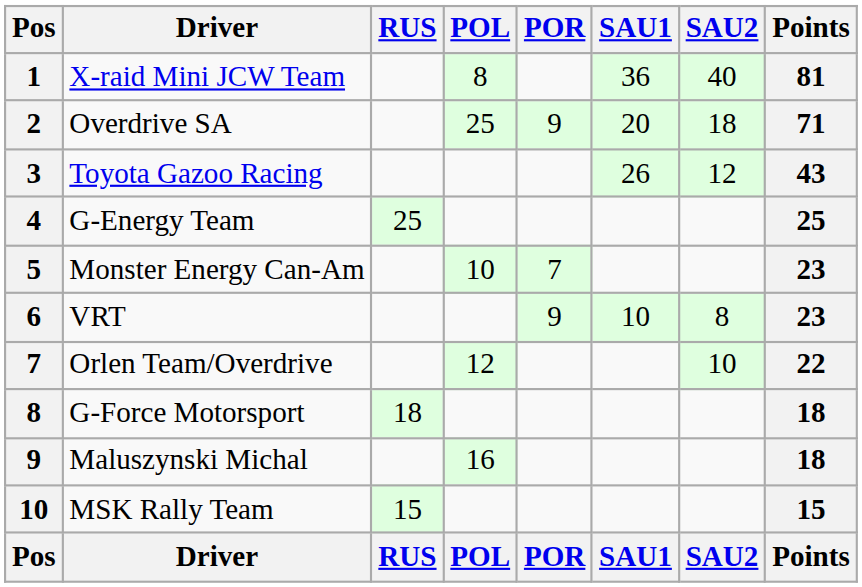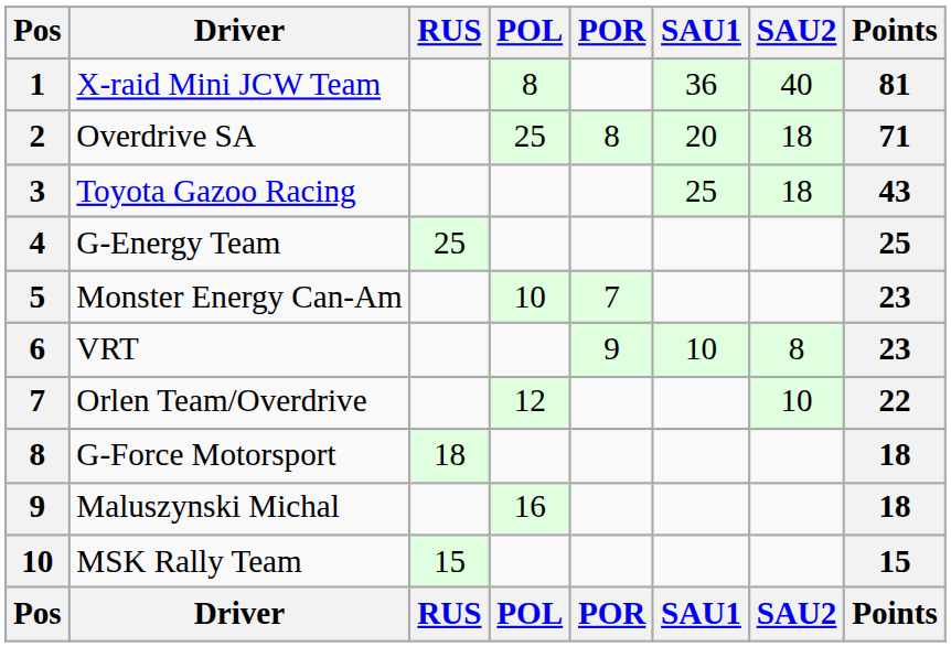 <table class="wikitable" style="font-size: 85%; text-align: center; display: inline-table;">
 <tr valign="top">
 <th valign="middle">Pos</th>
 <th valign="middle">Driver</th>
 <th><a href='#'>RUS</a><br></th>
 <th><a href='#'>POL</a><br></th>
 <th><a href='#'>POR</a><br></th>
 <th><a href='#'>SAU1</a><br></th>
 <th><a href='#'>SAU2</a><br></th>
 <th valign="middle">Points</th>
 </tr>
 <tr>
 <th>1</th>
 <td align=left> <a href='#'>X-raid Mini JCW Team</a></td>
 <td></td>
 <td style="background:#dfffdf;">8</td>
 <td></td>
 <td style="background:#dfffdf;">36</td>
 <td style="background:#dfffdf;">40</td>
 <th>81</th>
 </tr>
 <tr>
 <th>2</th>
 <td align=left> Overdrive SA</td>
 <td></td>
 <td style="background:#dfffdf;">25</td>
-<td style="background:#dfffdf;">9</td>
+<td style="background:#dfffdf;">8</td>
 <td style="background:#dfffdf;">20</td>
 <td style="background:#dfffdf;">18</td>
 <th>71</th>
 </tr>
 <tr>
 <th>3</th>
 <td align=left> <a href='#'>Toyota Gazoo Racing</a></td>
 <td></td>
 <td></td>
 <td></td>
-<td style="background:#dfffdf;">26</td>
-<td style="background:#dfffdf;">12</td>
+<td style="background:#dfffdf;">25</td>
+<td style="background:#dfffdf;">18</td>
 <th>43</th>
 </tr>
 <tr>
 <th>4</th>
 <td align=left> G-Energy Team</td>
 <td style="background:#dfffdf;">25</td>
 <td></td>
 <td></td>
 <td></td>
 <td></td>
 <th>25</th>
 </tr>
 <tr>
 <th>5</th>
 <td align=left> Monster Energy Can-Am</td>
 <td></td>
 <td style="background:#dfffdf;">10</td>
 <td style="background:#dfffdf;">7</td>
 <td></td>
 <td></td>
 <th>23</th>
 </tr>
 <tr>
 <th>6</th>
 <td align=left> VRT</td>
 <td></td>
 <td></td>
 <td style="background:#dfffdf;">9</td>
 <td style="background:#dfffdf;">10</td>
 <td style="background:#dfffdf;">8</td>
 <th>23</th>
 </tr>
 <tr>
 <th>7</th>
 <td align=left> Orlen Team/Overdrive</td>
 <td></td>
 <td style="background:#dfffdf;">12</td>
 <td></td>
 <td></td>
 <td style="background:#dfffdf;">10</td>
 <th>22</th>
 </tr>
 <tr>
 <th>8</th>
 <td align=left> G-Force Motorsport</td>
 <td style="background:#dfffdf;">18</td>
 <td></td>
 <td></td>
 <td></td>
 <td></td>
 <th>18</th>
 </tr>
 <tr>
 <th>9</th>
 <td align=left> Maluszynski Michal</td>
 <td></td>
 <td style="background:#dfffdf;">16</td>
 <td></td>
 <td></td>
 <td></td>
 <th>18</th>
 </tr>
 <tr>
 <th>10</th>
 <td align=left> MSK Rally Team</td>
 <td style="background:#dfffdf;">15</td>
 <td></td>
 <td></td>
 <td></td>
 <td></td>
 <th>15</th>
 </tr>
 <tr valign="top">
 <th valign="middle">Pos</th>
 <th valign="middle">Driver</th>
 <th><a href='#'>RUS</a><br></th>
 <th><a href='#'>POL</a><br></th>
 <th><a href='#'>POR</a><br></th>
 <th><a href='#'>SAU1</a><br></th>
 <th><a href='#'>SAU2</a><br></th>
 <th valign="middle">Points</th>
 </tr>
 </table>
